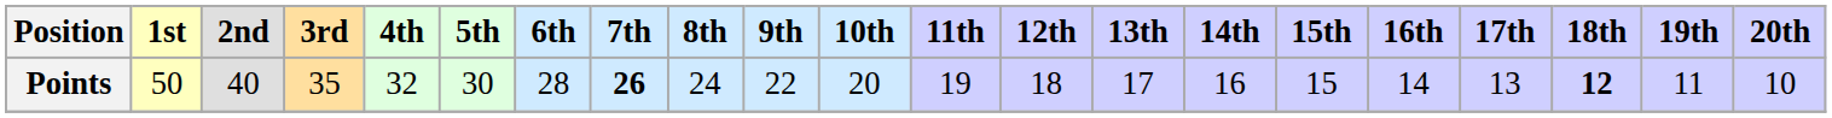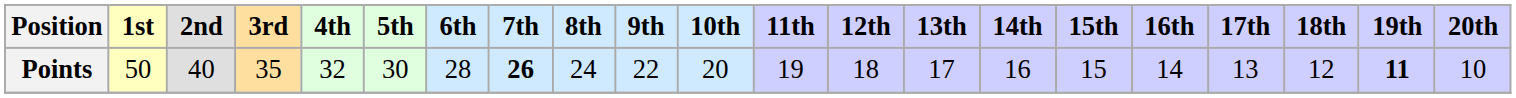 <table class="wikitable" style="font-size:85%; text-align:center">
 <tr>
 <th>Position</th>
 <td style="background:#FFFFBF;"> <strong>1st</strong> </td>
 <td style="background:#DFDFDF;"> <strong>2nd</strong> </td>
 <td style="background:#FFDF9F;"> <strong>3rd</strong> </td>
 <td style="background:#DFFFDF;"> <strong>4th</strong> </td>
 <td style="background:#DFFFDF;"> <strong>5th</strong> </td>
 <td style="background:#CFEAFF;"> <strong>6th</strong> </td>
 <td style="background:#CFEAFF;"> <strong>7th</strong> </td>
 <td style="background:#CFEAFF;"> <strong>8th</strong> </td>
 <td style="background:#CFEAFF;"> <strong>9th</strong> </td>
 <td style="background:#CFEAFF;"> <strong>10th</strong> </td>
 <td style="background:#CFCFFF;"> <strong>11th</strong> </td>
 <td style="background:#CFCFFF;"> <strong>12th</strong> </td>
 <td style="background:#CFCFFF;"> <strong>13th</strong> </td>
 <td style="background:#CFCFFF;"> <strong>14th</strong> </td>
 <td style="background:#CFCFFF;"> <strong>15th</strong> </td>
 <td style="background:#CFCFFF;"> <strong>16th</strong> </td>
 <td style="background:#CFCFFF;"> <strong>17th</strong> </td>
 <td style="background:#CFCFFF;"> <strong>18th</strong> </td>
 <td style="background:#CFCFFF;"> <strong>19th</strong> </td>
 <td style="background:#CFCFFF;"> <strong>20th</strong> </td>
 </tr>
 <tr>
 <th>Points</th>
 <td style="background:#FFFFBF;">50</td>
 <td style="background:#DFDFDF;">40</td>
 <td style="background:#FFDF9F;">35</td>
 <td style="background:#DFFFDF;">32</td>
 <td style="background:#DFFFDF;">30</td>
 <td style="background:#CFEAFF;">28</td>
 <td style="background:#CFEAFF;"><strong>26</strong></td>
 <td style="background:#CFEAFF;">24</td>
 <td style="background:#CFEAFF;">22</td>
 <td style="background:#CFEAFF;">20</td>
 <td style="background:#CFCFFF;">19</td>
 <td style="background:#CFCFFF;">18</td>
 <td style="background:#CFCFFF;">17</td>
 <td style="background:#CFCFFF;">16</td>
 <td style="background:#CFCFFF;">15</td>
 <td style="background:#CFCFFF;">14</td>
 <td style="background:#CFCFFF;">13</td>
-<td style="background:#CFCFFF;"><strong>12</strong></td>
-<td style="background:#CFCFFF;">11</td>
+<td style="background:#CFCFFF;">12</td>
+<td style="background:#CFCFFF;"><strong>11</strong></td>
 <td style="background:#CFCFFF;">10</td>
 </tr>
 <tr>
 </tr>
 </table>
